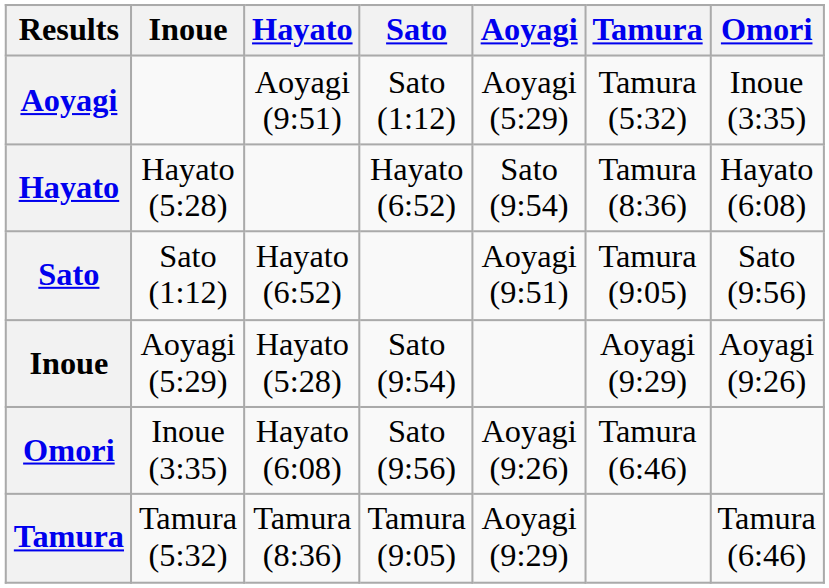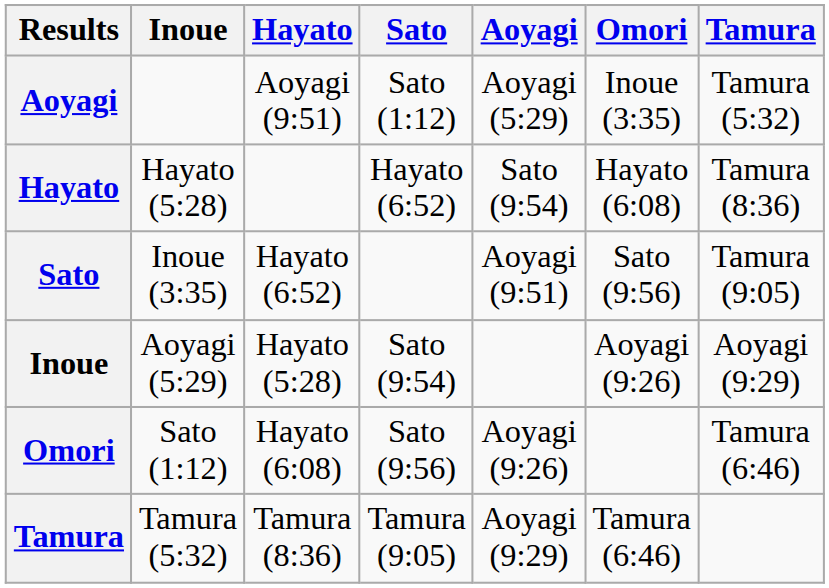 <table class="wikitable" style="margin: 1em auto 1em auto;text-align:center">
 <tr>
 <th>Results</th>
 <th>Inoue</th>
 <th><a href='#'>Hayato</a></th>
 <th><a href='#'>Sato</a></th>
 <th><a href='#'>Aoyagi</a></th>
+<th><a href='#'>Omori</a></th>
 <th><a href='#'>Tamura</a></th>
-<th><a href='#'>Omori</a></th>
 </tr>
 <tr>
 <th><a href='#'>Aoyagi</a></th>
 <td></td>
 <td>Aoyagi<br>(9:51)</td>
 <td>Sato<br>(1:12)</td>
 <td>Aoyagi<br>(5:29)</td>
+<td>Inoue<br>(3:35)</td>
 <td>Tamura<br>(5:32)</td>
-<td>Inoue<br>(3:35)</td>
 </tr>
 <tr>
 <th><a href='#'>Hayato</a></th>
 <td>Hayato<br>(5:28)</td>
 <td></td>
 <td>Hayato<br>(6:52)</td>
 <td>Sato<br>(9:54)</td>
+<td>Hayato<br>(6:08)</td>
 <td>Tamura<br>(8:36)</td>
-<td>Hayato<br>(6:08)</td>
 </tr>
 <tr>
 <th><a href='#'>Sato</a></th>
-<td>Sato<br>(1:12)</td>
+<td>Inoue<br>(3:35)</td>
 <td>Hayato<br>(6:52)</td>
 <td></td>
 <td>Aoyagi<br>(9:51)</td>
+<td>Sato<br>(9:56)</td>
 <td>Tamura<br>(9:05)</td>
-<td>Sato<br>(9:56)</td>
 </tr>
 <tr>
 <th>Inoue</th>
 <td>Aoyagi<br>(5:29)</td>
 <td>Hayato<br>(5:28)</td>
 <td>Sato<br>(9:54)</td>
 <td></td>
+<td>Aoyagi<br>(9:26)</td>
 <td>Aoyagi<br>(9:29)</td>
-<td>Aoyagi<br>(9:26)</td>
 </tr>
 <tr>
 <th><a href='#'>Omori</a></th>
-<td>Inoue<br>(3:35)</td>
+<td>Sato<br>(1:12)</td>
 <td>Hayato<br>(6:08)</td>
 <td>Sato<br>(9:56)</td>
 <td>Aoyagi<br>(9:26)</td>
+<td></td>
 <td>Tamura<br>(6:46)</td>
-<td></td>
 </tr>
 <tr>
 <th><a href='#'>Tamura</a></th>
 <td>Tamura<br>(5:32)</td>
 <td>Tamura<br>(8:36)</td>
 <td>Tamura<br>(9:05)</td>
 <td>Aoyagi<br>(9:29)</td>
+<td>Tamura<br>(6:46)</td>
 <td></td>
-<td>Tamura<br>(6:46)</td>
 </tr>
 </table>
